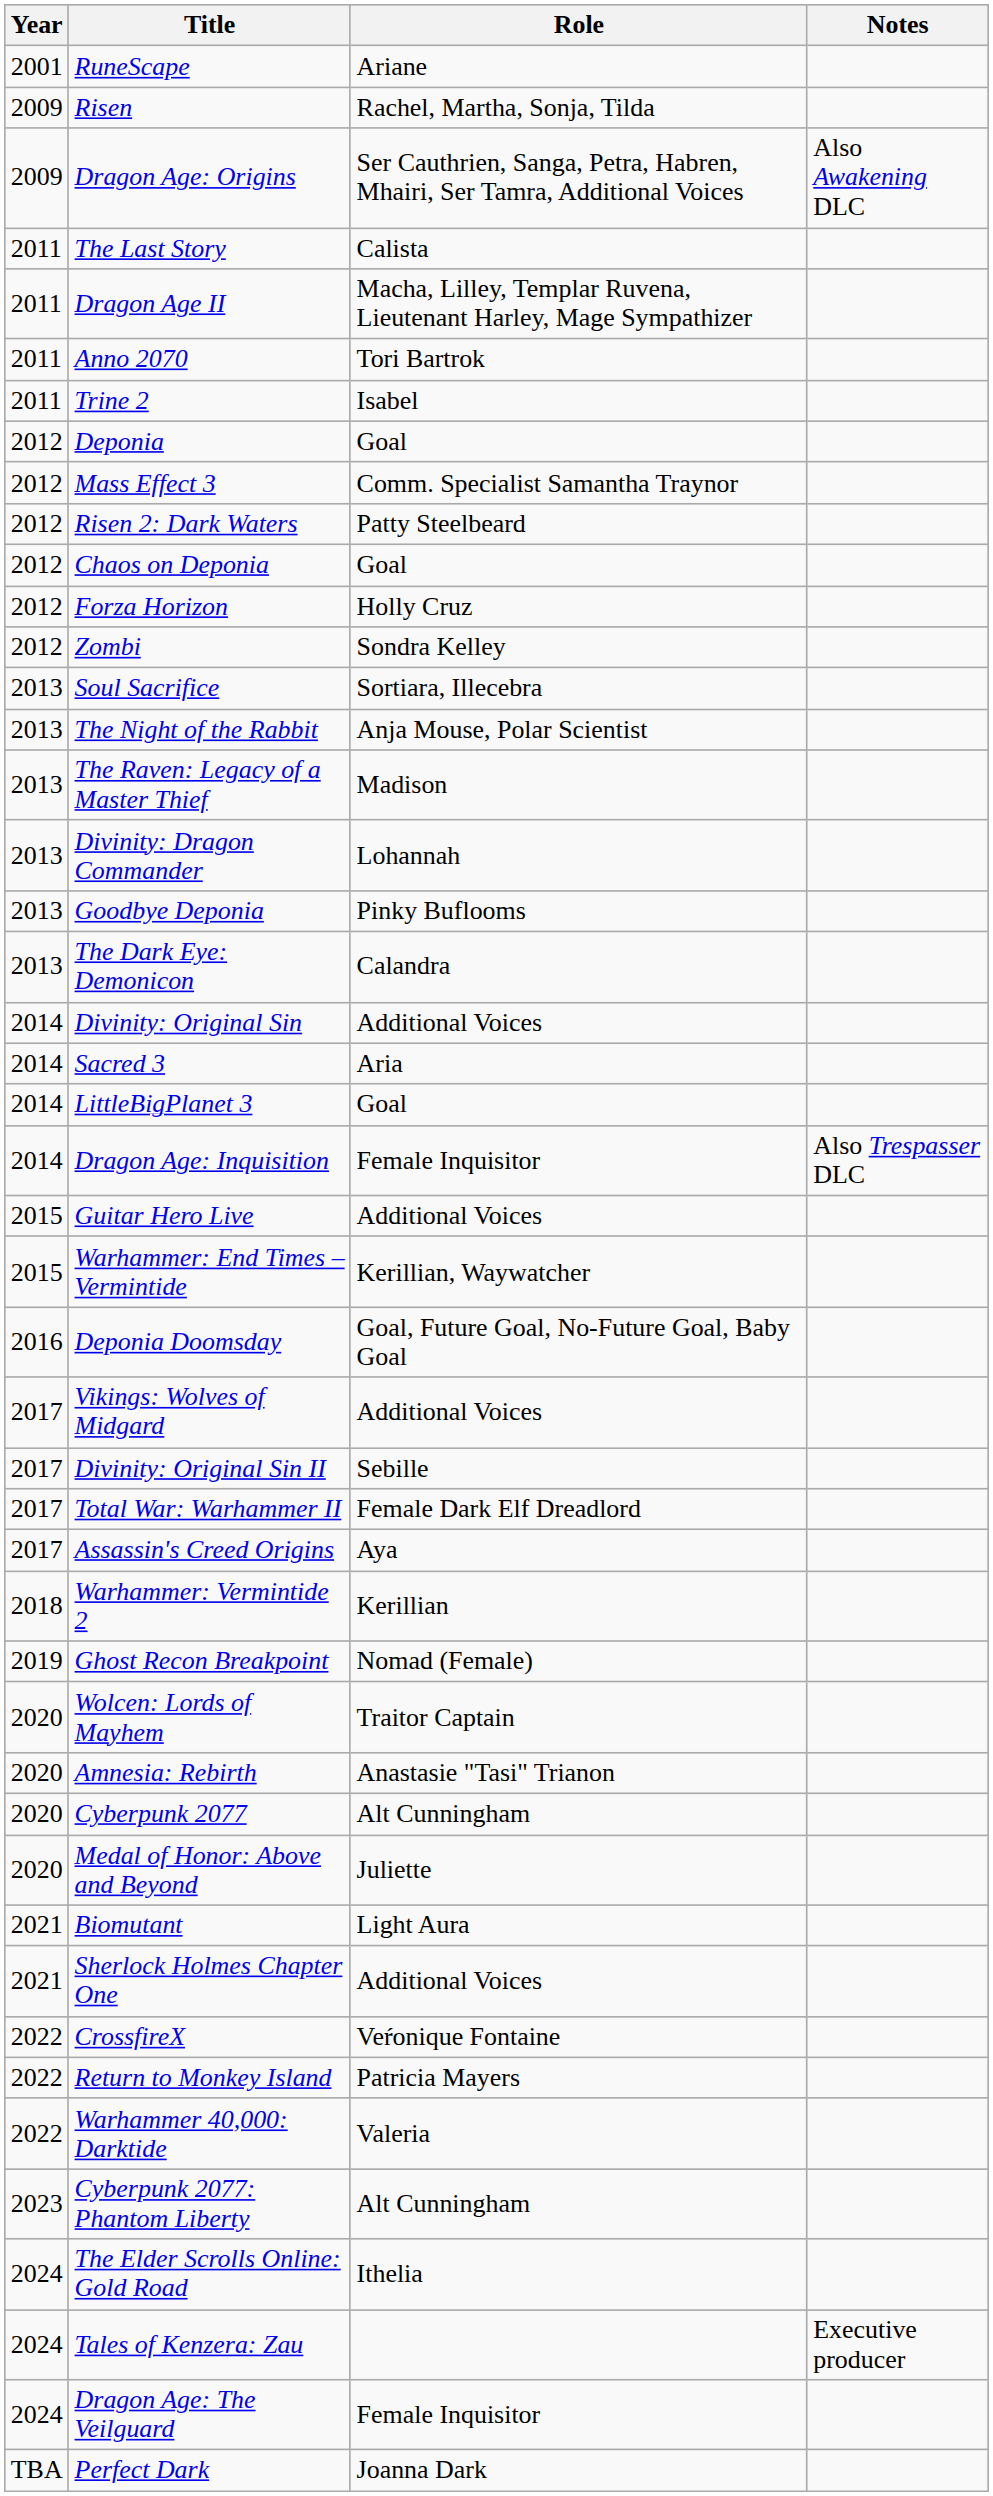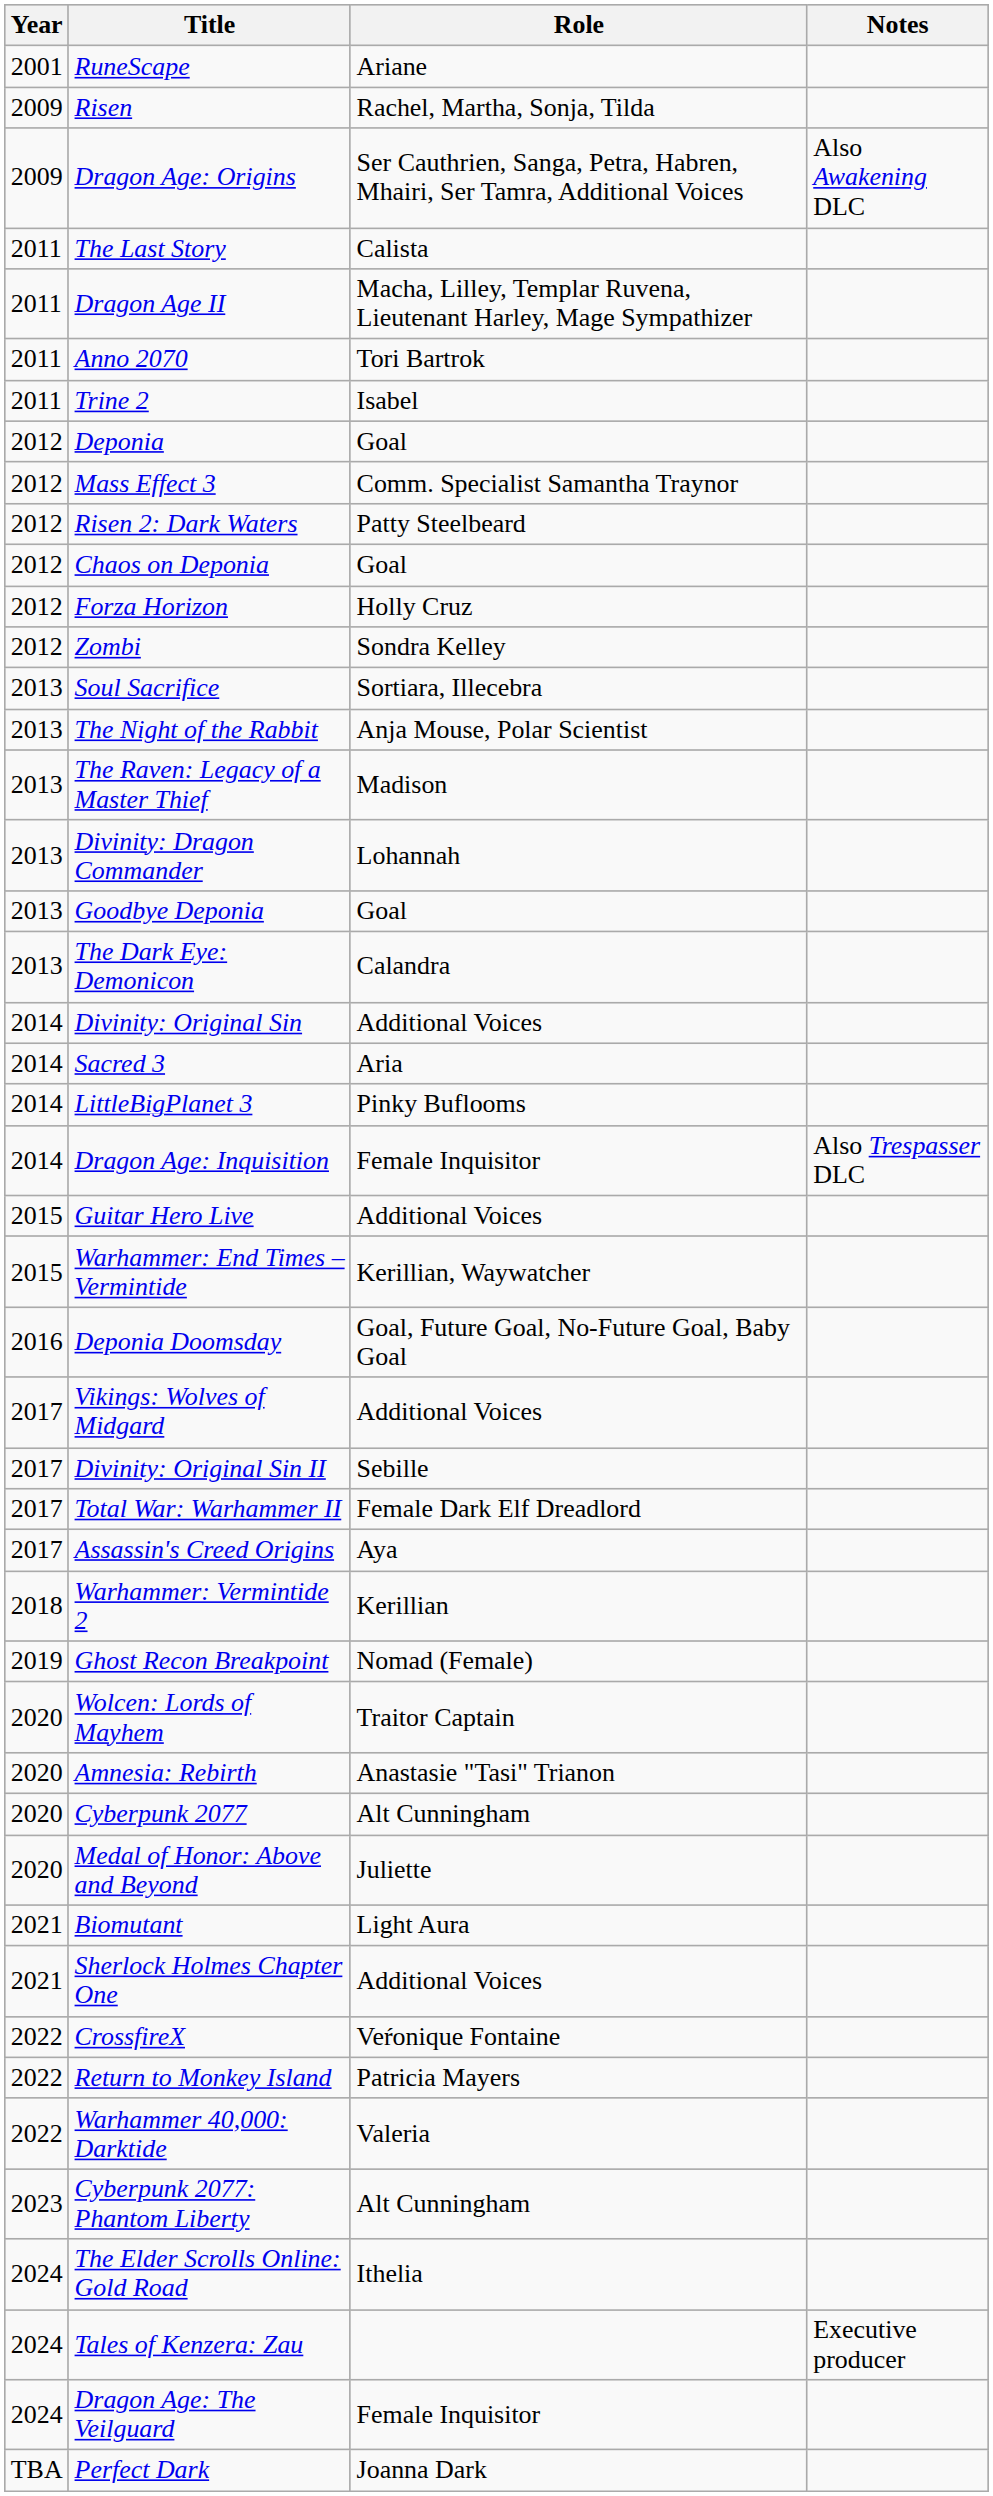 <table class="wikitable sortable">
 <tr>
 <th>Year</th>
 <th>Title</th>
 <th>Role</th>
 <th>Notes</th>
 </tr>
 <tr>
 <td>2001</td>
 <td><em><a href='#'>RuneScape</a></em></td>
 <td>Ariane</td>
 <td></td>
 </tr>
 <tr>
 <td>2009</td>
 <td><em><a href='#'>Risen</a></em></td>
 <td>Rachel, Martha, Sonja, Tilda</td>
 <td></td>
 </tr>
 <tr>
 <td>2009</td>
 <td><em><a href='#'>Dragon Age: Origins</a></em></td>
 <td>Ser Cauthrien, Sanga, Petra, Habren, Mhairi, Ser Tamra, Additional Voices</td>
 <td>Also <em><a href='#'>Awakening</a></em> DLC</td>
 </tr>
 <tr>
 <td>2011</td>
 <td><em><a href='#'>The Last Story</a></em></td>
 <td>Calista</td>
 <td></td>
 </tr>
 <tr>
 <td>2011</td>
 <td><em><a href='#'>Dragon Age II</a></em></td>
 <td>Macha, Lilley, Templar Ruvena, Lieutenant Harley, Mage Sympathizer</td>
 <td></td>
 </tr>
 <tr>
 <td>2011</td>
 <td><em><a href='#'>Anno 2070</a></em></td>
 <td>Tori Bartrok</td>
 <td></td>
 </tr>
 <tr>
 <td>2011</td>
 <td><em><a href='#'>Trine 2</a></em></td>
 <td>Isabel</td>
 <td></td>
 </tr>
 <tr>
 <td>2012</td>
 <td><em><a href='#'>Deponia</a></em></td>
 <td>Goal</td>
 <td></td>
 </tr>
 <tr>
 <td>2012</td>
 <td><em><a href='#'>Mass Effect 3</a></em></td>
 <td>Comm. Specialist Samantha Traynor</td>
 <td></td>
 </tr>
 <tr>
 <td>2012</td>
 <td><em><a href='#'>Risen 2: Dark Waters</a></em></td>
 <td>Patty Steelbeard</td>
 <td></td>
 </tr>
 <tr>
 <td>2012</td>
 <td><em><a href='#'>Chaos on Deponia</a></em></td>
 <td>Goal</td>
 <td></td>
 </tr>
 <tr>
 <td>2012</td>
 <td><em><a href='#'>Forza Horizon</a></em></td>
 <td>Holly Cruz</td>
 <td></td>
 </tr>
 <tr>
 <td>2012</td>
 <td><em><a href='#'>Zombi</a></em></td>
 <td>Sondra Kelley</td>
 <td></td>
 </tr>
 <tr>
 <td>2013</td>
 <td><em><a href='#'>Soul Sacrifice</a></em></td>
 <td>Sortiara, Illecebra</td>
 <td></td>
 </tr>
 <tr>
 <td>2013</td>
 <td><em><a href='#'>The Night of the Rabbit</a></em></td>
 <td>Anja Mouse, Polar Scientist</td>
 <td></td>
 </tr>
 <tr>
 <td>2013</td>
 <td><em><a href='#'>The Raven: Legacy of a Master Thief</a></em></td>
 <td>Madison</td>
 <td></td>
 </tr>
 <tr>
 <td>2013</td>
 <td><em><a href='#'>Divinity: Dragon Commander</a></em></td>
 <td>Lohannah</td>
 <td></td>
 </tr>
 <tr>
 <td>2013</td>
 <td><em><a href='#'>Goodbye Deponia</a></em></td>
-<td>Pinky Buflooms</td>
+<td>Goal</td>
 <td></td>
 </tr>
 <tr>
 <td>2013</td>
 <td><em><a href='#'>The Dark Eye: Demonicon</a></em></td>
 <td>Calandra</td>
 <td></td>
 </tr>
 <tr>
 <td>2014</td>
 <td><em><a href='#'>Divinity: Original Sin</a></em></td>
 <td>Additional Voices</td>
 <td></td>
 </tr>
 <tr>
 <td>2014</td>
 <td><em><a href='#'>Sacred 3</a></em></td>
 <td>Aria</td>
 <td></td>
 </tr>
 <tr>
 <td>2014</td>
 <td><em><a href='#'>LittleBigPlanet 3</a></em></td>
-<td>Goal</td>
+<td>Pinky Buflooms</td>
 <td></td>
 </tr>
 <tr>
 <td>2014</td>
 <td><em><a href='#'>Dragon Age: Inquisition</a></em></td>
 <td>Female Inquisitor</td>
 <td>Also <em><a href='#'>Trespasser</a></em> DLC</td>
 </tr>
 <tr>
 <td>2015</td>
 <td><em><a href='#'>Guitar Hero Live</a></em></td>
 <td>Additional Voices</td>
 <td></td>
 </tr>
 <tr>
 <td>2015</td>
 <td><em><a href='#'>Warhammer: End Times – Vermintide</a></em></td>
 <td>Kerillian, Waywatcher</td>
 <td></td>
 </tr>
 <tr>
 <td>2016</td>
 <td><em><a href='#'>Deponia Doomsday</a></em></td>
 <td>Goal, Future Goal, No-Future Goal, Baby Goal</td>
 <td></td>
 </tr>
 <tr>
 <td>2017</td>
 <td><em><a href='#'>Vikings: Wolves of Midgard</a></em></td>
 <td>Additional Voices</td>
 <td></td>
 </tr>
 <tr>
 <td>2017</td>
 <td><em><a href='#'>Divinity: Original Sin II</a></em></td>
 <td>Sebille</td>
 <td></td>
 </tr>
 <tr>
 <td>2017</td>
 <td><em><a href='#'>Total War: Warhammer II</a></em></td>
 <td>Female Dark Elf Dreadlord</td>
 <td></td>
 </tr>
 <tr>
 <td>2017</td>
 <td><em><a href='#'>Assassin's Creed Origins</a></em></td>
 <td>Aya</td>
 <td></td>
 </tr>
 <tr>
 <td>2018</td>
 <td><em><a href='#'>Warhammer: Vermintide 2</a></em></td>
 <td>Kerillian</td>
 <td></td>
 </tr>
 <tr>
 <td>2019</td>
 <td><em><a href='#'>Ghost Recon Breakpoint</a></em></td>
 <td>Nomad (Female)</td>
 <td></td>
 </tr>
 <tr>
 <td>2020</td>
 <td><em><a href='#'>Wolcen: Lords of Mayhem</a></em></td>
 <td>Traitor Captain</td>
 <td></td>
 </tr>
 <tr>
 <td>2020</td>
 <td><em><a href='#'>Amnesia: Rebirth</a></em></td>
 <td>Anastasie "Tasi" Trianon</td>
 <td></td>
 </tr>
 <tr>
 <td>2020</td>
 <td><em><a href='#'>Cyberpunk 2077</a></em></td>
 <td>Alt Cunningham</td>
 <td></td>
 </tr>
 <tr>
 <td>2020</td>
 <td><em><a href='#'>Medal of Honor: Above and Beyond</a></em></td>
 <td>Juliette</td>
 <td></td>
 </tr>
 <tr>
 <td>2021</td>
 <td><em><a href='#'>Biomutant</a></em></td>
 <td>Light Aura</td>
 <td></td>
 </tr>
 <tr>
 <td>2021</td>
 <td><em><a href='#'>Sherlock Holmes Chapter One</a></em></td>
 <td>Additional Voices</td>
 <td></td>
 </tr>
 <tr>
 <td>2022</td>
 <td><em><a href='#'>CrossfireX</a></em></td>
 <td>Veŕonique Fontaine</td>
 <td></td>
 </tr>
 <tr>
 <td>2022</td>
 <td><em><a href='#'>Return to Monkey Island</a></em></td>
 <td>Patricia Mayers</td>
 <td></td>
 </tr>
 <tr>
 <td>2022</td>
 <td><em><a href='#'>Warhammer 40,000: Darktide</a></em></td>
 <td>Valeria</td>
 <td></td>
 </tr>
 <tr>
 <td>2023</td>
 <td><em><a href='#'>Cyberpunk 2077: Phantom Liberty</a></em></td>
 <td>Alt Cunningham</td>
 <td></td>
 </tr>
 <tr>
 <td>2024</td>
 <td><em><a href='#'>The Elder Scrolls Online: Gold Road</a></em></td>
 <td>Ithelia</td>
 <td></td>
 </tr>
 <tr>
 <td>2024</td>
 <td><em><a href='#'>Tales of Kenzera: Zau</a></em></td>
 <td></td>
 <td>Executive producer</td>
 </tr>
 <tr>
 <td>2024</td>
 <td><em><a href='#'>Dragon Age: The Veilguard</a></em></td>
 <td>Female Inquisitor</td>
 <td></td>
 </tr>
 <tr>
 <td>TBA</td>
 <td><em><a href='#'>Perfect Dark</a></em></td>
 <td>Joanna Dark</td>
 <td></td>
 </tr>
 <tr>
 </tr>
 </table>
